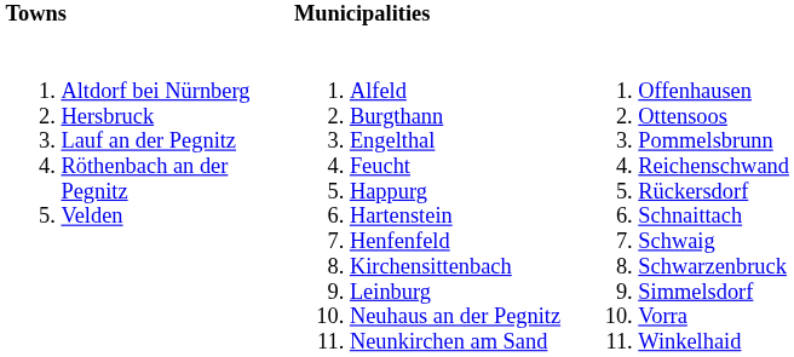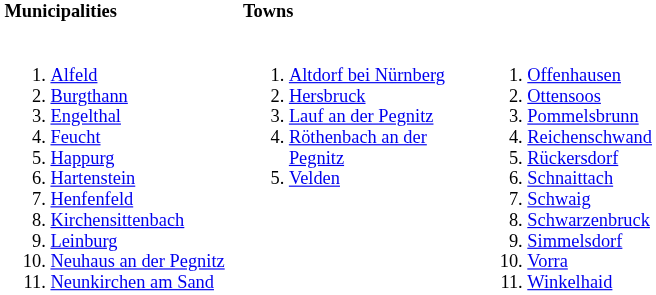 <table>
 <tr>
+<th align=left width=33%>Municipalities</th>
 <th align=left width=33%>Towns</th>
-<th align=left width=33%>Municipalities</th>
 <th align=left width=33%></th>
 </tr>
 <tr valign=top>
+<td><br><ol><li><a href='#'>Alfeld</a></li><li><a href='#'>Burgthann</a></li><li><a href='#'>Engelthal</a></li><li><a href='#'>Feucht</a></li><li><a href='#'>Happurg</a></li><li><a href='#'>Hartenstein</a></li><li><a href='#'>Henfenfeld</a></li><li><a href='#'>Kirchensittenbach</a></li><li><a href='#'>Leinburg</a></li><li><a href='#'>Neuhaus an der Pegnitz</a></li><li><a href='#'>Neunkirchen am Sand</a></li></ol></td>
 <td><br><ol><li><a href='#'>Altdorf bei Nürnberg</a></li><li><a href='#'>Hersbruck</a></li><li><a href='#'>Lauf an der Pegnitz</a></li><li><a href='#'>Röthenbach an der Pegnitz</a></li><li><a href='#'>Velden</a></li></ol></td>
-<td><br><ol><li><a href='#'>Alfeld</a></li><li><a href='#'>Burgthann</a></li><li><a href='#'>Engelthal</a></li><li><a href='#'>Feucht</a></li><li><a href='#'>Happurg</a></li><li><a href='#'>Hartenstein</a></li><li><a href='#'>Henfenfeld</a></li><li><a href='#'>Kirchensittenbach</a></li><li><a href='#'>Leinburg</a></li><li><a href='#'>Neuhaus an der Pegnitz</a></li><li><a href='#'>Neunkirchen am Sand</a></li></ol></td>
 <td><br><ol> <li><a href='#'>Offenhausen</a> <li><a href='#'>Ottensoos</a> <li><a href='#'>Pommelsbrunn</a> <li><a href='#'>Reichenschwand</a> <li><a href='#'>Rückersdorf</a> <li><a href='#'>Schnaittach</a> <li><a href='#'>Schwaig</a> <li><a href='#'>Schwarzenbruck</a> <li><a href='#'>Simmelsdorf</a> <li><a href='#'>Vorra</a> <li><a href='#'>Winkelhaid</a> </ol></td>
 </tr>
 </table>
